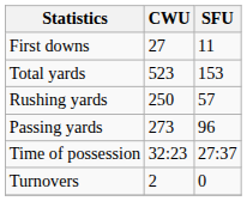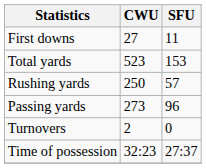 <table class="wikitable" style="float: left;">
 <tr>
 <th>Statistics</th>
 <th>CWU</th>
 <th>SFU</th>
 </tr>
 <tr>
 <td>First downs</td>
 <td>27</td>
 <td>11</td>
 </tr>
 <tr>
 <td>Total yards</td>
 <td>523</td>
 <td>153</td>
 </tr>
 <tr>
 <td>Rushing yards</td>
 <td>250</td>
 <td>57</td>
 </tr>
 <tr>
 <td>Passing yards</td>
 <td>273</td>
 <td>96</td>
 </tr>
 <tr>
+<td>Turnovers</td>
+<td>2</td>
+<td>0</td>
+</tr>
+<tr>
 <td>Time of possession</td>
 <td>32:23</td>
 <td>27:37</td>
 </tr>
 <tr>
-<td>Turnovers</td>
-<td>2</td>
-<td>0</td>
-</tr>
-<tr>
 </tr>
 </table>
